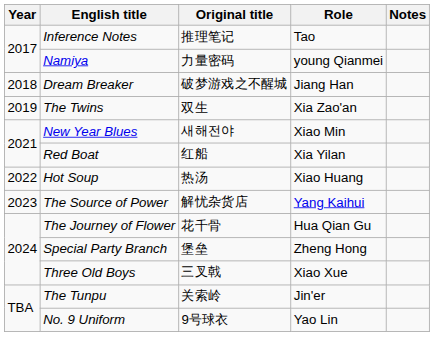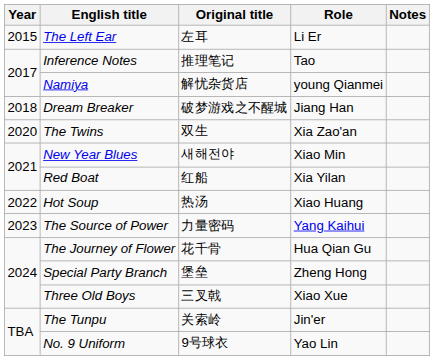 <table class="wikitable">
 <tr>
 <th width=10>Year</th>
 <th>English title</th>
 <th>Original title</th>
 <th>Role</th>
 <th>Notes</th>
+</tr>
+<tr>
+<td>2015</td>
+<td><em><a href='#'>The Left Ear</a></em></td>
+<td>左耳</td>
+<td>Li Er</td>
+<td></td>
 </tr>
 <tr>
 <td rowspan=2>2017</td>
 <td><em>Inference Notes</em></td>
 <td>推理笔记</td>
 <td>Tao</td>
 <td></td>
 </tr>
 <tr>
 <td><em><a href='#'>Namiya</a></em></td>
-<td>力量密码</td>
+<td>解忧杂货店</td>
 <td>young Qianmei</td>
 <td></td>
 </tr>
 <tr>
 <td>2018</td>
 <td><em>Dream Breaker</em></td>
 <td>破梦游戏之不醒城</td>
 <td>Jiang Han</td>
 <td></td>
 </tr>
 <tr>
-<td>2019</td>
+<td>2020</td>
 <td><em>The Twins</em></td>
 <td>双生</td>
 <td>Xia Zao'an</td>
 <td></td>
 </tr>
 <tr>
 <td rowspan="2">2021</td>
 <td><em><a href='#'>New Year Blues</a></em></td>
 <td>새해전야</td>
 <td>Xiao Min</td>
 <td></td>
 </tr>
 <tr>
 <td><em>Red Boat</em></td>
 <td>红船</td>
 <td>Xia Yilan</td>
 <td></td>
 </tr>
 <tr>
 <td>2022</td>
 <td><em>Hot Soup</em></td>
 <td>热汤</td>
 <td>Xiao Huang</td>
 <td></td>
 </tr>
 <tr>
 <td>2023</td>
 <td><em>The Source of Power</em></td>
-<td>解忧杂货店</td>
+<td>力量密码</td>
 <td><a href='#'>Yang Kaihui</a></td>
 <td></td>
 </tr>
 <tr>
 <td rowspan="3">2024</td>
 <td><em>The Journey of Flower</em></td>
 <td>花千骨</td>
 <td>Hua Qian Gu</td>
 <td></td>
 </tr>
 <tr>
 <td><em>Special Party Branch</em></td>
 <td>堡垒</td>
 <td>Zheng Hong</td>
 <td></td>
 </tr>
 <tr>
 <td><em>Three Old Boys</em></td>
 <td>三叉戟</td>
 <td>Xiao Xue</td>
 <td></td>
 </tr>
 <tr>
 <td rowspan="2">TBA</td>
 <td><em>The Tunpu</em></td>
 <td>关索岭</td>
 <td>Jin'er</td>
 <td></td>
 </tr>
 <tr>
 <td><em>No. 9 Uniform</em></td>
 <td>9号球衣</td>
 <td>Yao Lin</td>
 <td></td>
 </tr>
 </table>
